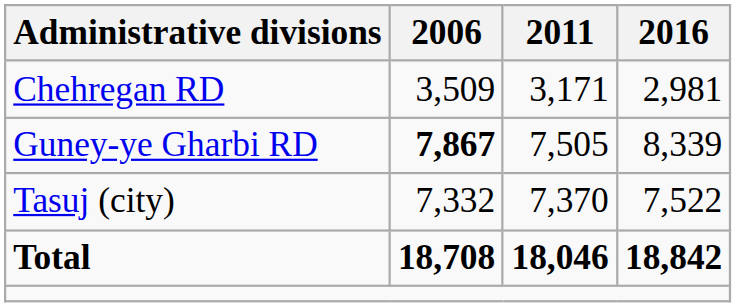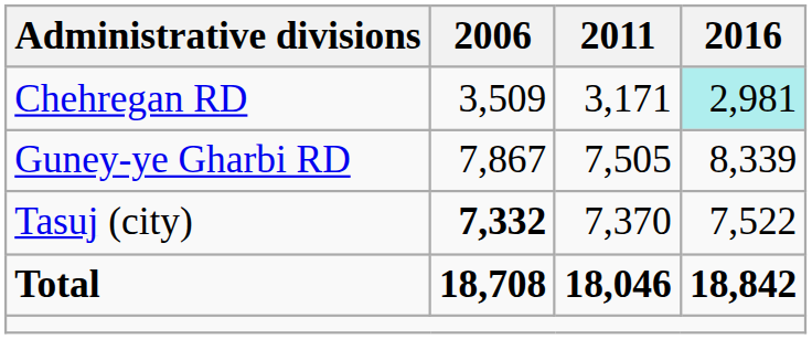 <table class="wikitable">
 <tr>
 <th>Administrative divisions</th>
 <th>2006</th>
 <th>2011</th>
 <th>2016</th>
 </tr>
 <tr>
 <td><a href='#'>Chehregan RD</a></td>
 <td style="text-align: right;">3,509</td>
 <td style="text-align: right;">3,171</td>
-<td style="text-align: right;">2,981</td>
+<td style="background: paleturquoise; text-align: right;">2,981</td>
 </tr>
 <tr>
 <td><a href='#'>Guney-ye Gharbi RD</a></td>
-<td style="text-align: right;"><strong>7,867</strong></td>
+<td style="text-align: right;">7,867</td>
 <td style="text-align: right;">7,505</td>
 <td style="text-align: right;">8,339</td>
 </tr>
 <tr>
 <td><a href='#'>Tasuj</a> (city)</td>
-<td style="text-align: right;">7,332</td>
+<td style="text-align: right;"><strong>7,332</strong></td>
 <td style="text-align: right;">7,370</td>
 <td style="text-align: right;">7,522</td>
 </tr>
 <tr>
 <td><strong>Total</strong></td>
 <td style="text-align: right;"><strong>18,708</strong></td>
 <td style="text-align: right;"><strong>18,046</strong></td>
 <td style="text-align: right;"><strong>18,842</strong></td>
 </tr>
 <tr>
 <td colspan=4></td>
 </tr>
 </table>
